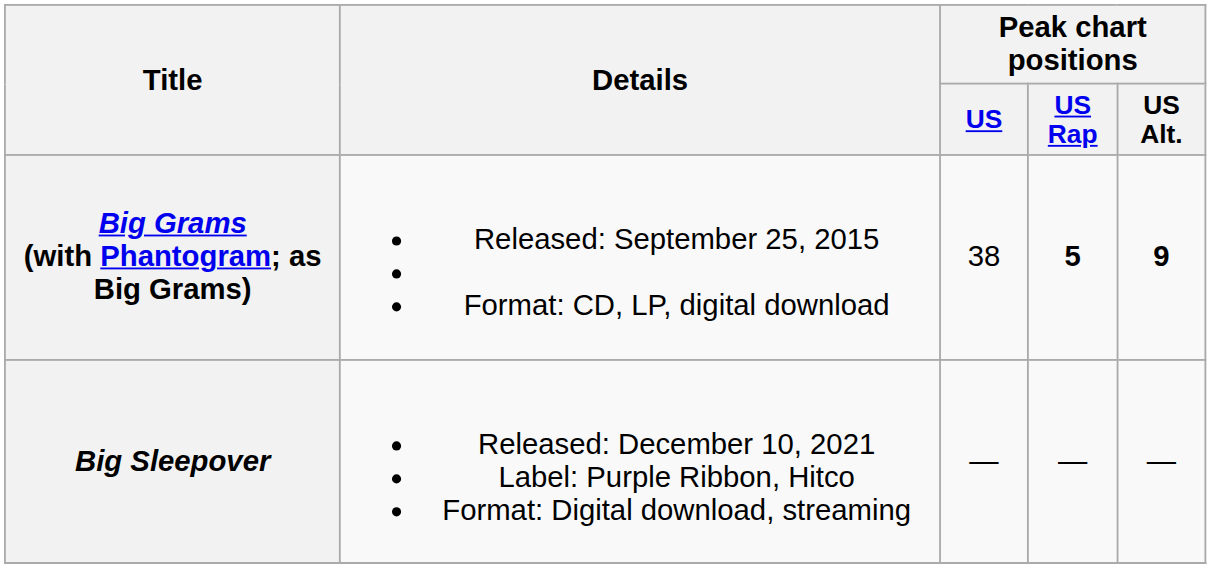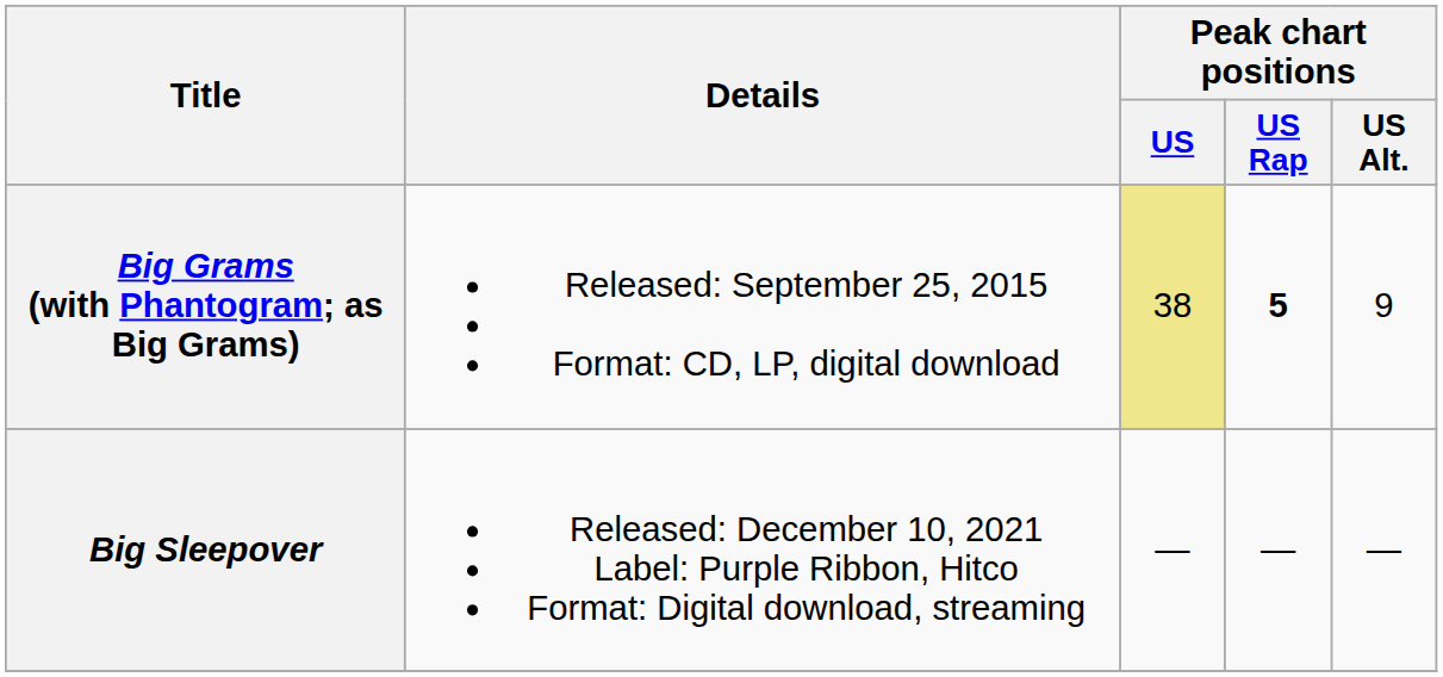 <table class="wikitable plainrowheaders" style="text-align:center;">
 <tr>
 <th scope="col" rowspan="2" style="width:11em;">Title</th>
 <th scope="col" rowspan="2" style="width:20em;">Details</th>
 <th scope="col" colspan="3">Peak chart positions</th>
 </tr>
 <tr>
 <th scope="col" style="width:2.9em;font-size:90%;"><a href='#'>US</a></th>
 <th scope="col" style="width:2.9em;font-size:90%;"><a href='#'>US<br>Rap</a></th>
 <th scope="col" style="width:2.9em;font-size:90%;">US<br>Alt.<br></th>
 </tr>
 <tr>
 <th scope="row"><em><a href='#'>Big Grams</a></em><br><span>(with <a href='#'>Phantogram</a>; as Big Grams)</span></th>
 <td><br><ul><li>Released: September 25, 2015</li><li></li><li>Format: CD, LP, digital download</li></ul></td>
-<td>38</td>
+<td style="background: khaki;">38</td>
 <td><strong>5</strong></td>
-<td><strong>9</strong></td>
+<td>9</td>
 </tr>
 <tr>
 <th scope="row"><em>Big Sleepover</em><br></th>
 <td><br><ul><li>Released: December 10, 2021</li><li>Label: Purple Ribbon, Hitco</li><li>Format: Digital download, streaming</li></ul></td>
 <td>—</td>
 <td>—</td>
 <td>—</td>
 </tr>
 <tr>
 </tr>
 </table>
